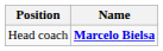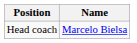 <table class="wikitable">
 <tr>
 <th>Position</th>
 <th>Name</th>
 </tr>
 <tr>
 <td>Head coach</td>
-<td><strong> <a href='#'>Marcelo Bielsa</a></strong></td>
+<td> <a href='#'>Marcelo Bielsa</a></td>
 </tr>
 </table>
